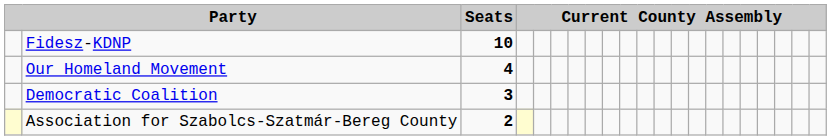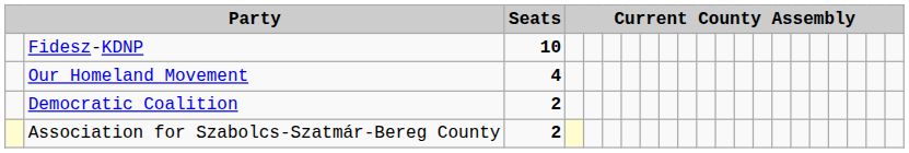 <table class="wikitable">
 <tr>
 <th style="background:#ccc" colspan="2">Party</th>
 <th style="background:#ccc">Seats</th>
 <th style="background:#ccc" colspan="25">Current County Assembly</th>
 </tr>
 <tr>
 <td style="background-color: "> </td>
 <td><a href='#'>Fidesz</a>-<a href='#'>KDNP</a></td>
 <td style="text-align: right"><strong>10</strong></td>
 <td style="background-color: "> </td>
 <td style="background-color: "> </td>
 <td style="background-color: "> </td>
 <td style="background-color: "> </td>
 <td style="background-color: "> </td>
 <td style="background-color: "> </td>
 <td style="background-color: "> </td>
 <td style="background-color: "> </td>
 <td style="background-color: "> </td>
 <td style="background-color: "> </td>
 <td style="background-color: "> </td>
 <td style="background-color: "> </td>
 <td style="background-color: "> </td>
 <td style="background-color: "> </td>
 <td style="background-color: "> </td>
 <td style="background-color: "> </td>
 <td style="background-color: "> </td>
 <td> </td>
 </tr>
 <tr>
 <td style="background-color: "> </td>
 <td><a href='#'>Our Homeland Movement</a></td>
 <td style="text-align: right"><strong>4</strong></td>
 <td style="background-color: "> </td>
 <td style="background-color: "> </td>
 <td style="background-color: "> </td>
 <td style="background-color: "> </td>
 <td> </td>
 <td> </td>
 <td> </td>
 <td> </td>
 <td> </td>
 <td> </td>
 <td> </td>
 <td> </td>
 <td> </td>
 <td> </td>
 <td> </td>
 <td> </td>
 <td> </td>
 <td> </td>
 </tr>
 <tr>
 <td style="background-color: "> </td>
 <td><a href='#'>Democratic Coalition</a></td>
-<td style="text-align: right"><strong>3</strong></td>
+<td style="text-align: right"><strong>2</strong></td>
 <td style="background-color: "> </td>
 <td> </td>
 <td> </td>
 <td> </td>
 <td> </td>
 <td> </td>
 <td> </td>
 <td> </td>
 <td> </td>
 <td> </td>
 <td> </td>
 <td> </td>
 <td> </td>
 <td> </td>
 <td> </td>
 <td> </td>
 <td> </td>
 </tr>
 <tr>
 <td style="background-color: #FFFDD0"> </td>
 <td>Association for Szabolcs-Szatmár-Bereg County</td>
 <td style="text-align: right"><strong>2</strong></td>
 <td style="background-color: #FFFDD0"> </td>
 <td> </td>
 <td> </td>
 <td> </td>
 <td> </td>
 <td> </td>
 <td> </td>
 <td> </td>
 <td> </td>
 <td> </td>
 <td> </td>
 <td> </td>
 <td> </td>
 <td> </td>
 <td> </td>
 <td> </td>
 <td> </td>
 <td> </td>
 </tr>
 </table>
